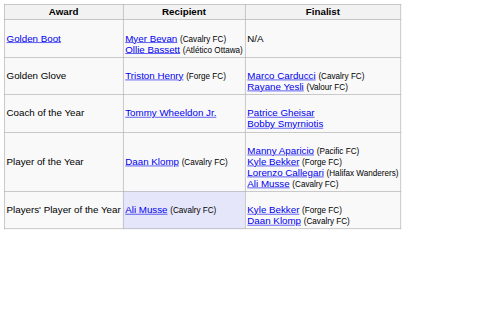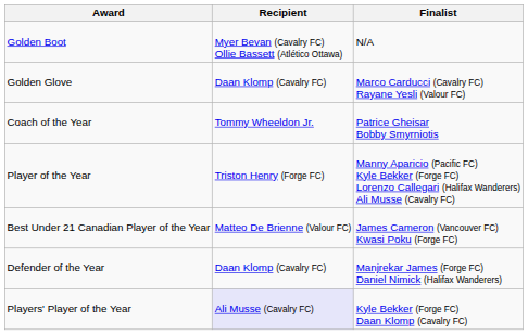 <table class="wikitable">
 <tr>
 <th>Award</th>
 <th>Recipient</th>
 <th>Finalist</th>
 </tr>
 <tr>
 <td><a href='#'>Golden Boot</a></td>
 <td><br> <a href='#'>Myer Bevan</a> <small>(Cavalry FC)</small><br>  <a href='#'>Ollie Bassett</a> <small>(Atlético Ottawa)</small></td>
 <td>N/A</td>
 </tr>
 <tr>
 <td>Golden Glove</td>
-<td> <a href='#'>Triston Henry</a> <small>(Forge FC)</small></td>
+<td> <a href='#'>Daan Klomp</a> <small>(Cavalry FC)</small></td>
 <td><br> <a href='#'>Marco Carducci</a> <small>(Cavalry FC)</small><br>  <a href='#'>Rayane Yesli</a> <small>(Valour FC)</small></td>
 </tr>
 <tr>
 <td>Coach of the Year</td>
 <td> <a href='#'>Tommy Wheeldon Jr.</a> </td>
 <td><br> <a href='#'>Patrice Gheisar</a> <br>  <a href='#'>Bobby Smyrniotis</a> </td>
 </tr>
 <tr>
 <td>Player of the Year</td>
+<td> <a href='#'>Triston Henry</a> <small>(Forge FC)</small></td>
+<td><br> <a href='#'>Manny Aparicio</a> <small>(Pacific FC)</small><br>  <a href='#'>Kyle Bekker</a> <small>(Forge FC)</small><br>  <a href='#'>Lorenzo Callegari</a> <small>(Halifax Wanderers)</small><br>  <a href='#'>Ali Musse</a> <small>(Cavalry FC)</small></td>
+</tr>
+<tr>
+<td>Best Under 21 Canadian Player of the Year</td>
+<td> <a href='#'>Matteo De Brienne</a> <small>(Valour FC)</small></td>
+<td><br> <a href='#'>James Cameron</a> <small>(Vancouver FC)</small><br>  <a href='#'>Kwasi Poku</a> <small>(Forge FC)</small></td>
+</tr>
+<tr>
+<td>Defender of the Year</td>
 <td> <a href='#'>Daan Klomp</a> <small>(Cavalry FC)</small></td>
-<td><br> <a href='#'>Manny Aparicio</a> <small>(Pacific FC)</small><br>  <a href='#'>Kyle Bekker</a> <small>(Forge FC)</small><br>  <a href='#'>Lorenzo Callegari</a> <small>(Halifax Wanderers)</small><br>  <a href='#'>Ali Musse</a> <small>(Cavalry FC)</small></td>
+<td><br> <a href='#'>Manjrekar James</a> <small>(Forge FC)</small><br>  <a href='#'>Daniel Nimick</a> <small>(Halifax Wanderers)</small></td>
 </tr>
 <tr>
 <td>Players' Player of the Year</td>
 <td style="background: lavender;"> <a href='#'>Ali Musse</a> <small>(Cavalry FC)</small></td>
 <td><br> <a href='#'>Kyle Bekker</a> <small>(Forge FC)</small><br>  <a href='#'>Daan Klomp</a> <small>(Cavalry FC)</small></td>
 </tr>
 </table>
